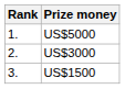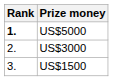 <table class="sortable wikitable">
 <tr>
 <th>Rank</th>
 <th>Prize money</th>
 </tr>
 <tr bgcolor=ffffff>
-<td>1.</td>
+<td><strong>1.</strong></td>
 <td>US$5000</td>
 </tr>
 <tr bgcolor=ffffff>
 <td>2.</td>
 <td>US$3000</td>
 </tr>
 <tr bgcolor=ffffff>
 <td>3.</td>
 <td>US$1500</td>
 </tr>
 </table>
